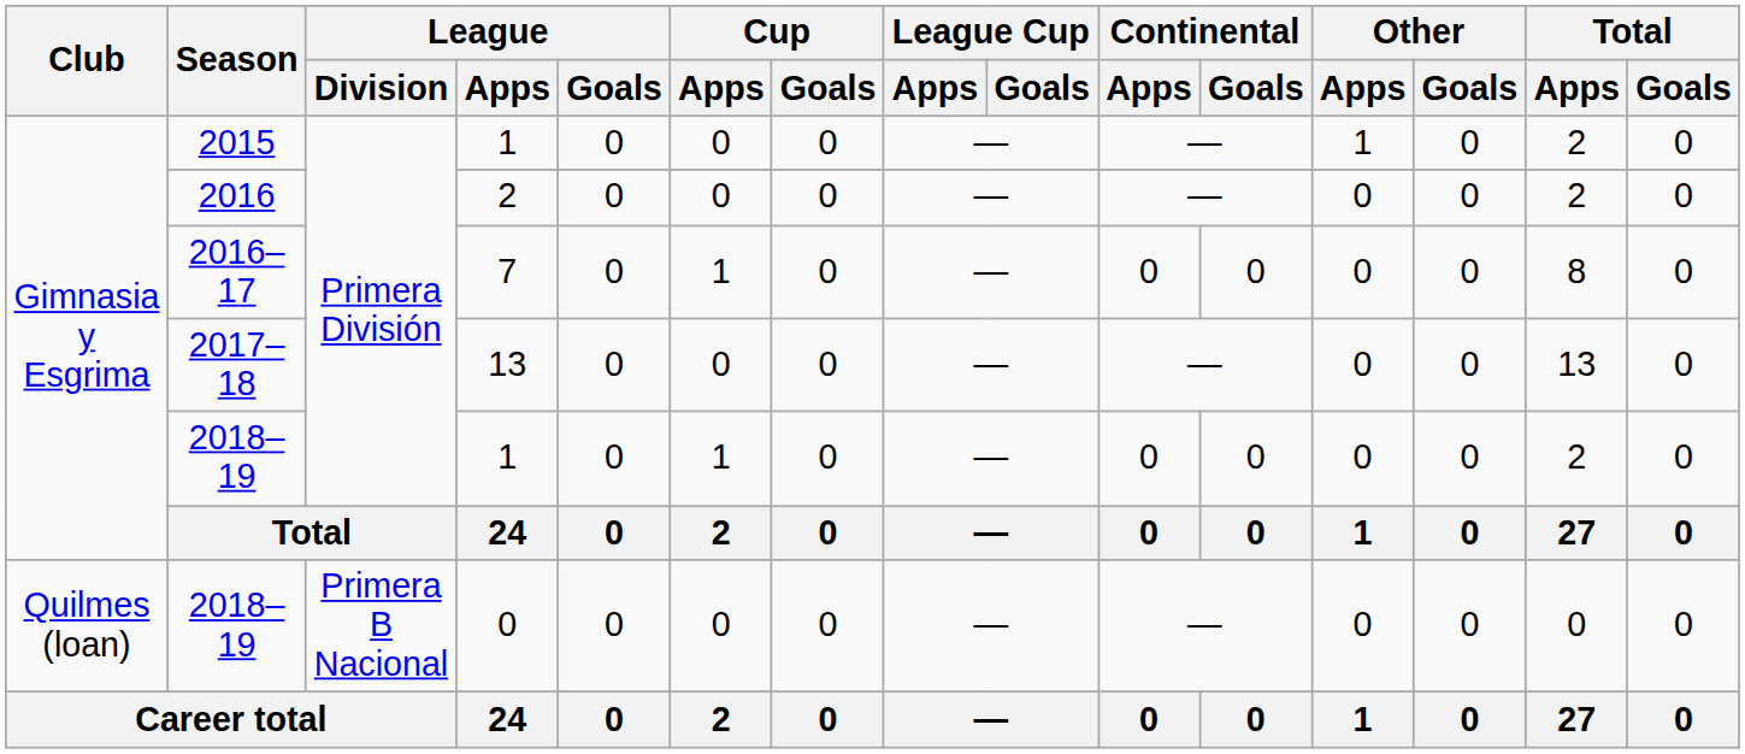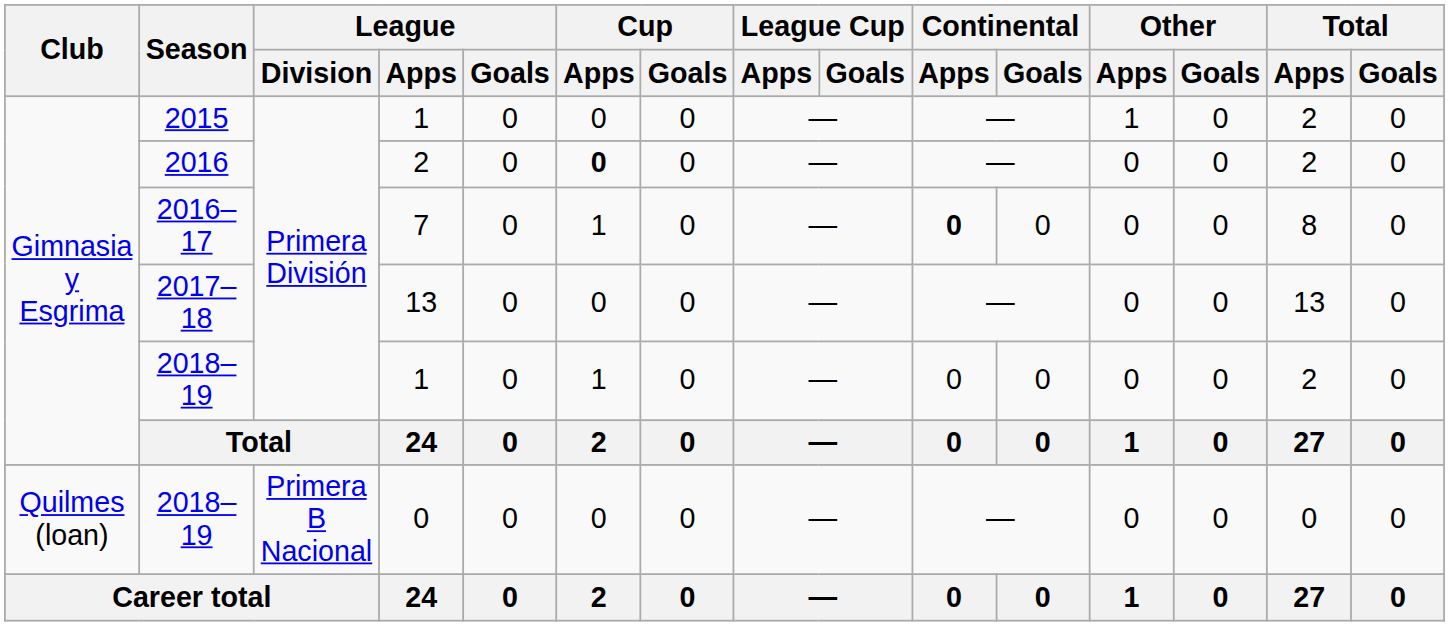 <table class="wikitable" style="text-align:center">
 <tr>
 <th rowspan="2">Club</th>
 <th rowspan="2">Season</th>
 <th colspan="3">League</th>
 <th colspan="2">Cup</th>
 <th colspan="2">League Cup</th>
 <th colspan="2">Continental</th>
 <th colspan="2">Other</th>
 <th colspan="2">Total</th>
 </tr>
 <tr>
 <th>Division</th>
 <th>Apps</th>
 <th>Goals</th>
 <th>Apps</th>
 <th>Goals</th>
 <th>Apps</th>
 <th>Goals</th>
 <th>Apps</th>
 <th>Goals</th>
 <th>Apps</th>
 <th>Goals</th>
 <th>Apps</th>
 <th>Goals</th>
 </tr>
 <tr>
 <td rowspan="6"><a href='#'>Gimnasia y Esgrima</a></td>
 <td><a href='#'>2015</a></td>
 <td rowspan="5"><a href='#'>Primera División</a></td>
 <td>1</td>
 <td>0</td>
 <td>0</td>
 <td>0</td>
 <td colspan="2">—</td>
 <td colspan="2">—</td>
 <td>1</td>
 <td>0</td>
 <td>2</td>
 <td>0</td>
 </tr>
 <tr>
 <td><a href='#'>2016</a></td>
 <td>2</td>
 <td>0</td>
-<td>0</td>
+<td><strong>0</strong></td>
 <td>0</td>
 <td colspan="2">—</td>
 <td colspan="2">—</td>
 <td>0</td>
 <td>0</td>
 <td>2</td>
 <td>0</td>
 </tr>
 <tr>
 <td><a href='#'>2016–17</a></td>
 <td>7</td>
 <td>0</td>
 <td>1</td>
 <td>0</td>
 <td colspan="2">—</td>
-<td>0</td>
+<td><strong>0</strong></td>
 <td>0</td>
 <td>0</td>
 <td>0</td>
 <td>8</td>
 <td>0</td>
 </tr>
 <tr>
 <td><a href='#'>2017–18</a></td>
 <td>13</td>
 <td>0</td>
 <td>0</td>
 <td>0</td>
 <td colspan="2">—</td>
 <td colspan="2">—</td>
 <td>0</td>
 <td>0</td>
 <td>13</td>
 <td>0</td>
 </tr>
 <tr>
 <td><a href='#'>2018–19</a></td>
 <td>1</td>
 <td>0</td>
 <td>1</td>
 <td>0</td>
 <td colspan="2">—</td>
 <td>0</td>
 <td>0</td>
 <td>0</td>
 <td>0</td>
 <td>2</td>
 <td>0</td>
 </tr>
 <tr>
 <th colspan="2">Total</th>
 <th>24</th>
 <th>0</th>
 <th>2</th>
 <th>0</th>
 <th colspan="2">—</th>
 <th>0</th>
 <th>0</th>
 <th>1</th>
 <th>0</th>
 <th>27</th>
 <th>0</th>
 </tr>
 <tr>
 <td rowspan="1"><a href='#'>Quilmes</a> (loan)</td>
 <td><a href='#'>2018–19</a></td>
 <td rowspan="1"><a href='#'>Primera B Nacional</a></td>
 <td>0</td>
 <td>0</td>
 <td>0</td>
 <td>0</td>
 <td colspan="2">—</td>
 <td colspan="2">—</td>
 <td>0</td>
 <td>0</td>
 <td>0</td>
 <td>0</td>
 </tr>
 <tr>
 <th colspan="3">Career total</th>
 <th>24</th>
 <th>0</th>
 <th>2</th>
 <th>0</th>
 <th colspan="2">—</th>
 <th>0</th>
 <th>0</th>
 <th>1</th>
 <th>0</th>
 <th>27</th>
 <th>0</th>
 </tr>
 </table>
